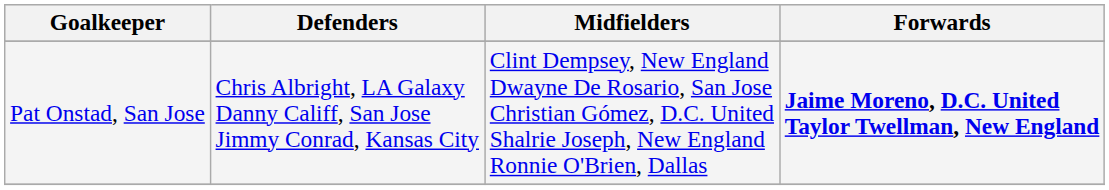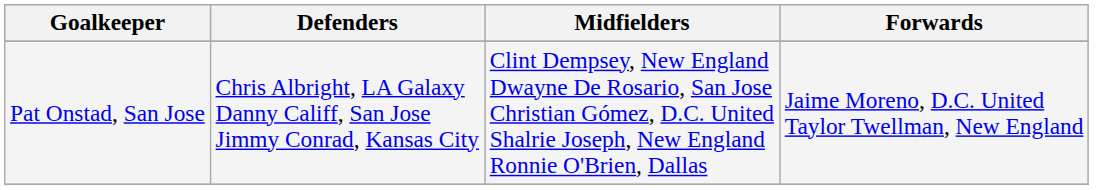 <table class="wikitable">
 <tr style="background:#cccccc;">
 <th>Goalkeeper</th>
 <th>Defenders</th>
 <th>Midfielders</th>
 <th>Forwards</th>
 </tr>
 <tr>
 </tr>
 <tr style="background:#f4f4f4;">
 <td> <a href='#'>Pat Onstad</a>, <a href='#'>San Jose</a></td>
 <td> <a href='#'>Chris Albright</a>, <a href='#'>LA Galaxy</a><br> <a href='#'>Danny Califf</a>, <a href='#'>San Jose</a><br> <a href='#'>Jimmy Conrad</a>, <a href='#'>Kansas City</a></td>
 <td> <a href='#'>Clint Dempsey</a>, <a href='#'>New England</a><br> <a href='#'>Dwayne De Rosario</a>, <a href='#'>San Jose</a><br> <a href='#'>Christian Gómez</a>, <a href='#'>D.C. United</a><br> <a href='#'>Shalrie Joseph</a>, <a href='#'>New England</a><br> <a href='#'>Ronnie O'Brien</a>, <a href='#'>Dallas</a></td>
-<td><strong> <a href='#'>Jaime Moreno</a>, <a href='#'>D.C. United</a><br> <a href='#'>Taylor Twellman</a>, <a href='#'>New England</a></strong></td>
+<td> <a href='#'>Jaime Moreno</a>, <a href='#'>D.C. United</a><br> <a href='#'>Taylor Twellman</a>, <a href='#'>New England</a></td>
 </tr>
 <tr>
 </tr>
 </table>
